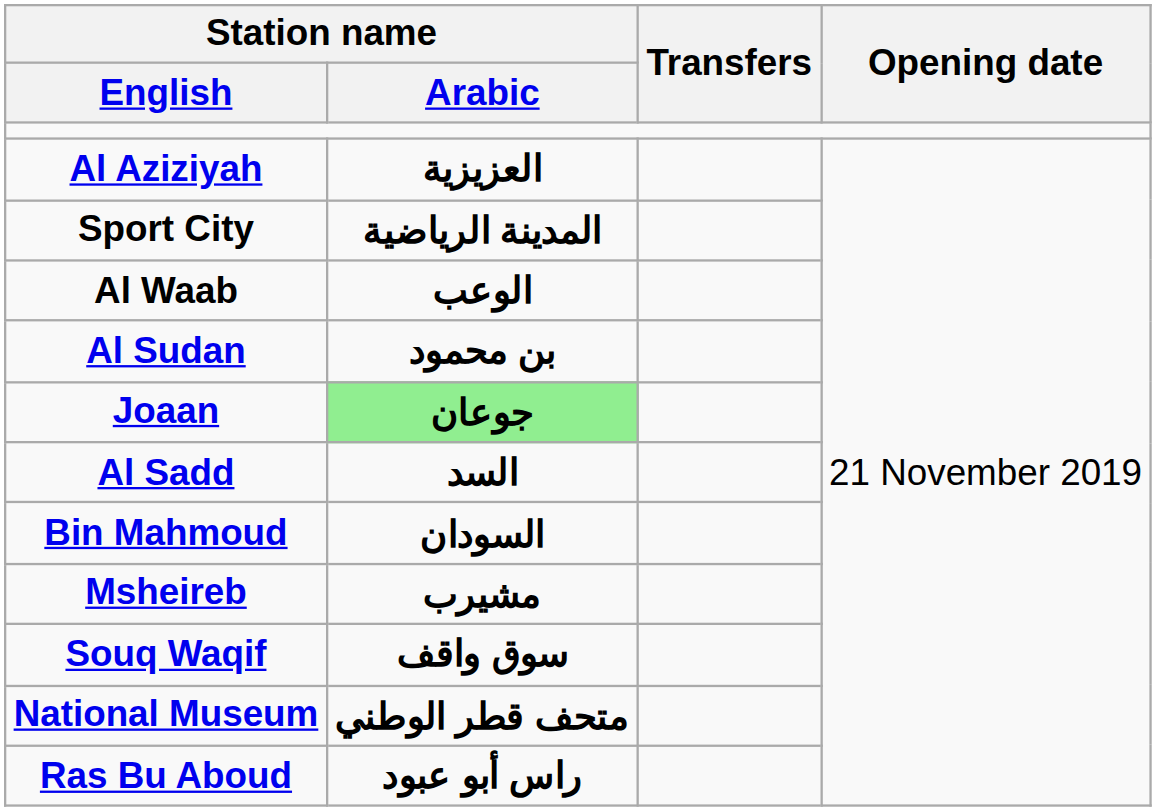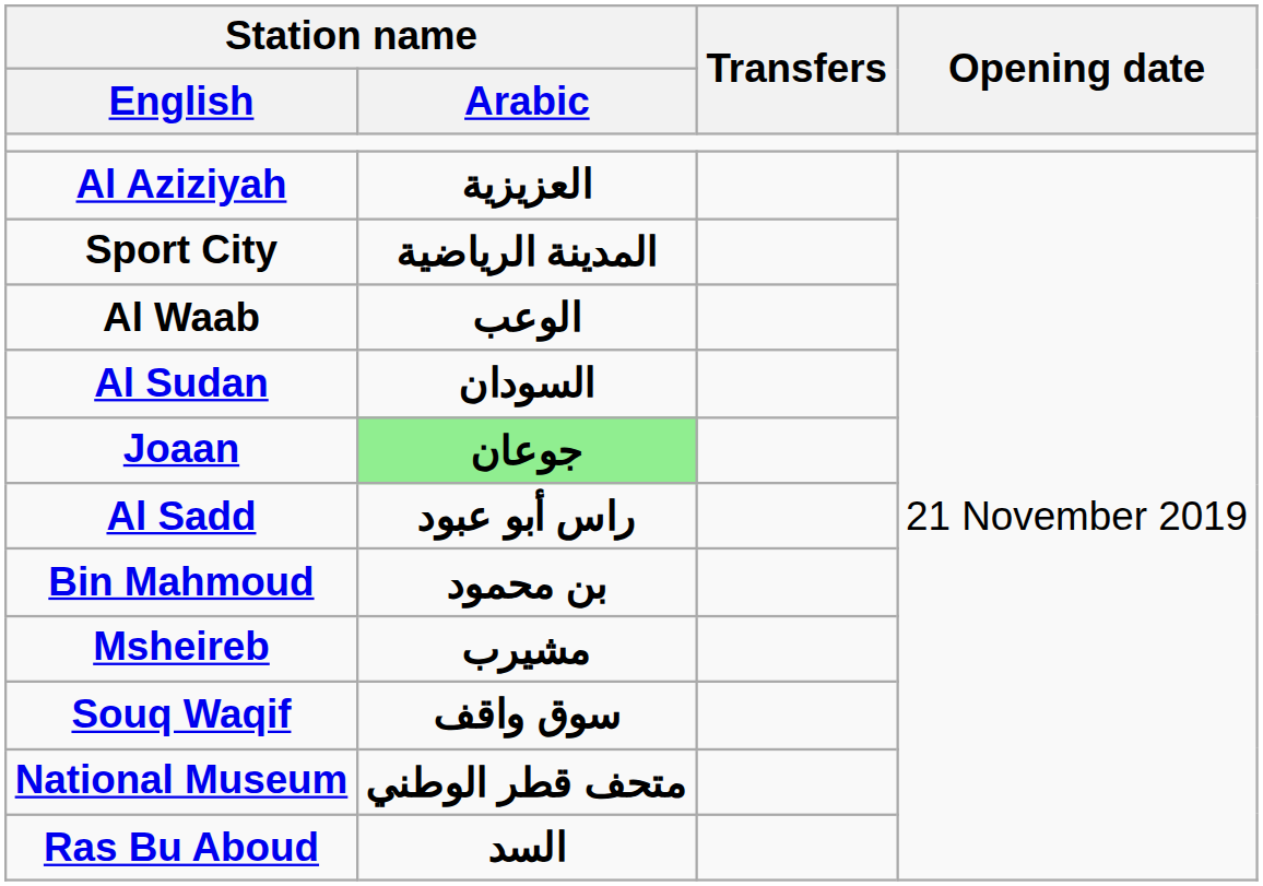 <table class="wikitable"  style="text-align:center;">
 <tr>
 <th colspan="2">Station name</th>
 <th rowspan="2">Transfers</th>
 <th rowspan="2">Opening date</th>
 </tr>
 <tr>
 <th><a href='#'>English</a></th>
 <th><a href='#'>Arabic</a></th>
 </tr>
 <tr style="background:#">
 <td colspan="10"></td>
 </tr>
 <tr>
 <td><strong><a href='#'>Al Aziziyah</a></strong></td>
 <td><strong>العزيزية</strong></td>
 <td></td>
 <td rowspan="11">21 November 2019</td>
 </tr>
 <tr>
 <td><strong>Sport City</strong></td>
 <td><strong>المدينة الرياضية</strong></td>
 <td></td>
 </tr>
 <tr>
 <td><strong>Al Waab</strong></td>
 <td><strong>الوعب</strong></td>
 <td></td>
 </tr>
 <tr>
 <td><strong><a href='#'>Al Sudan</a></strong></td>
-<td><strong>بن محمود</strong></td>
+<td><strong>السودان</strong></td>
 <td></td>
 </tr>
 <tr>
 <td><strong><a href='#'>Joaan</a></strong></td>
 <td style="background: lightgreen;"><strong>جوعان</strong></td>
 <td></td>
 </tr>
 <tr>
 <td><strong><a href='#'>Al Sadd</a></strong></td>
-<td><strong>السد</strong></td>
+<td><strong>راس أبو عبود</strong></td>
 <td></td>
 </tr>
 <tr>
 <td><strong><a href='#'>Bin Mahmoud</a></strong></td>
-<td><strong>السودان</strong></td>
+<td><strong>بن محمود</strong></td>
 <td></td>
 </tr>
 <tr>
 <td><strong><a href='#'>Msheireb</a></strong></td>
 <td><strong>مشيرب</strong></td>
 <td> </td>
 </tr>
 <tr>
 <td><strong><a href='#'>Souq Waqif</a></strong></td>
 <td><strong>سوق واقف</strong></td>
 <td></td>
 </tr>
 <tr>
 <td><strong><a href='#'>National Museum</a></strong></td>
 <td><strong>متحف قطر الوطني</strong></td>
 <td></td>
 </tr>
 <tr>
 <td><strong><a href='#'>Ras Bu Aboud</a></strong></td>
-<td><strong>راس أبو عبود</strong></td>
+<td><strong>السد</strong></td>
 <td></td>
 </tr>
 </table>
